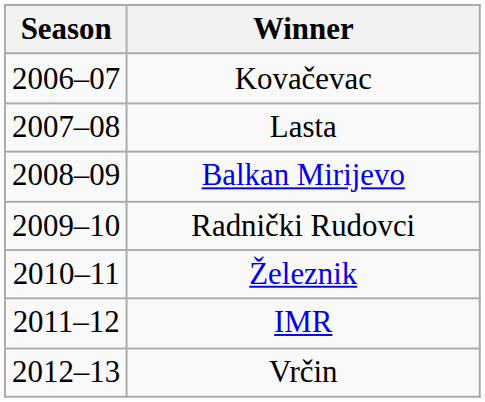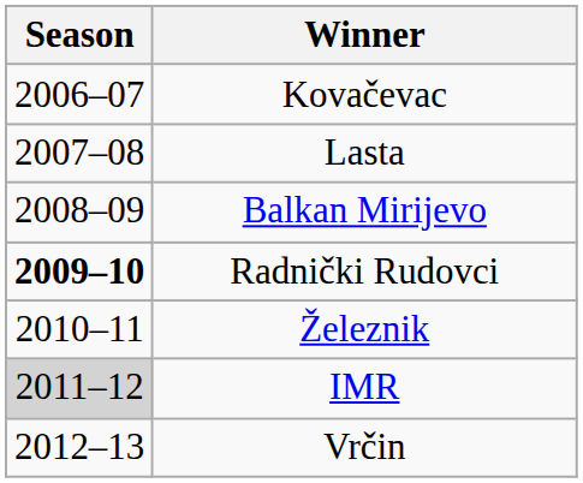 <table class="wikitable sortable" style="text-align:center">
 <tr>
 <th>Season</th>
 <th width=175>Winner</th>
 </tr>
 <tr>
 <td>2006–07</td>
 <td>Kovačevac</td>
 </tr>
 <tr>
 <td>2007–08</td>
 <td>Lasta</td>
 </tr>
 <tr>
 <td>2008–09</td>
 <td><a href='#'>Balkan Mirijevo</a></td>
 </tr>
 <tr>
-<td>2009–10</td>
+<td><strong>2009–10</strong></td>
 <td>Radnički Rudovci</td>
 </tr>
 <tr>
 <td>2010–11</td>
 <td><a href='#'>Železnik</a></td>
 </tr>
 <tr>
-<td>2011–12</td>
+<td style="background: lightgrey;">2011–12</td>
 <td><a href='#'>IMR</a></td>
 </tr>
 <tr>
 <td>2012–13</td>
 <td>Vrčin</td>
 </tr>
 </table>
